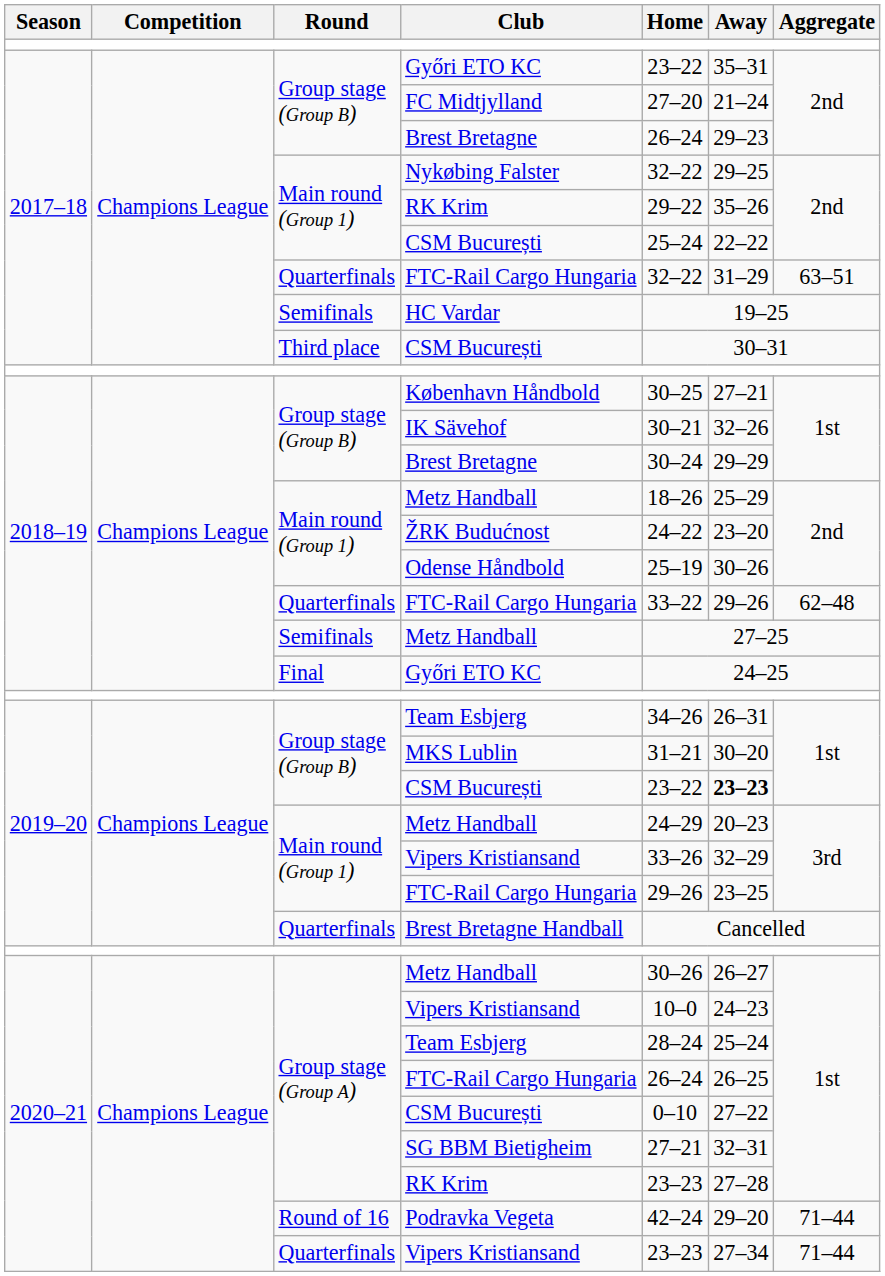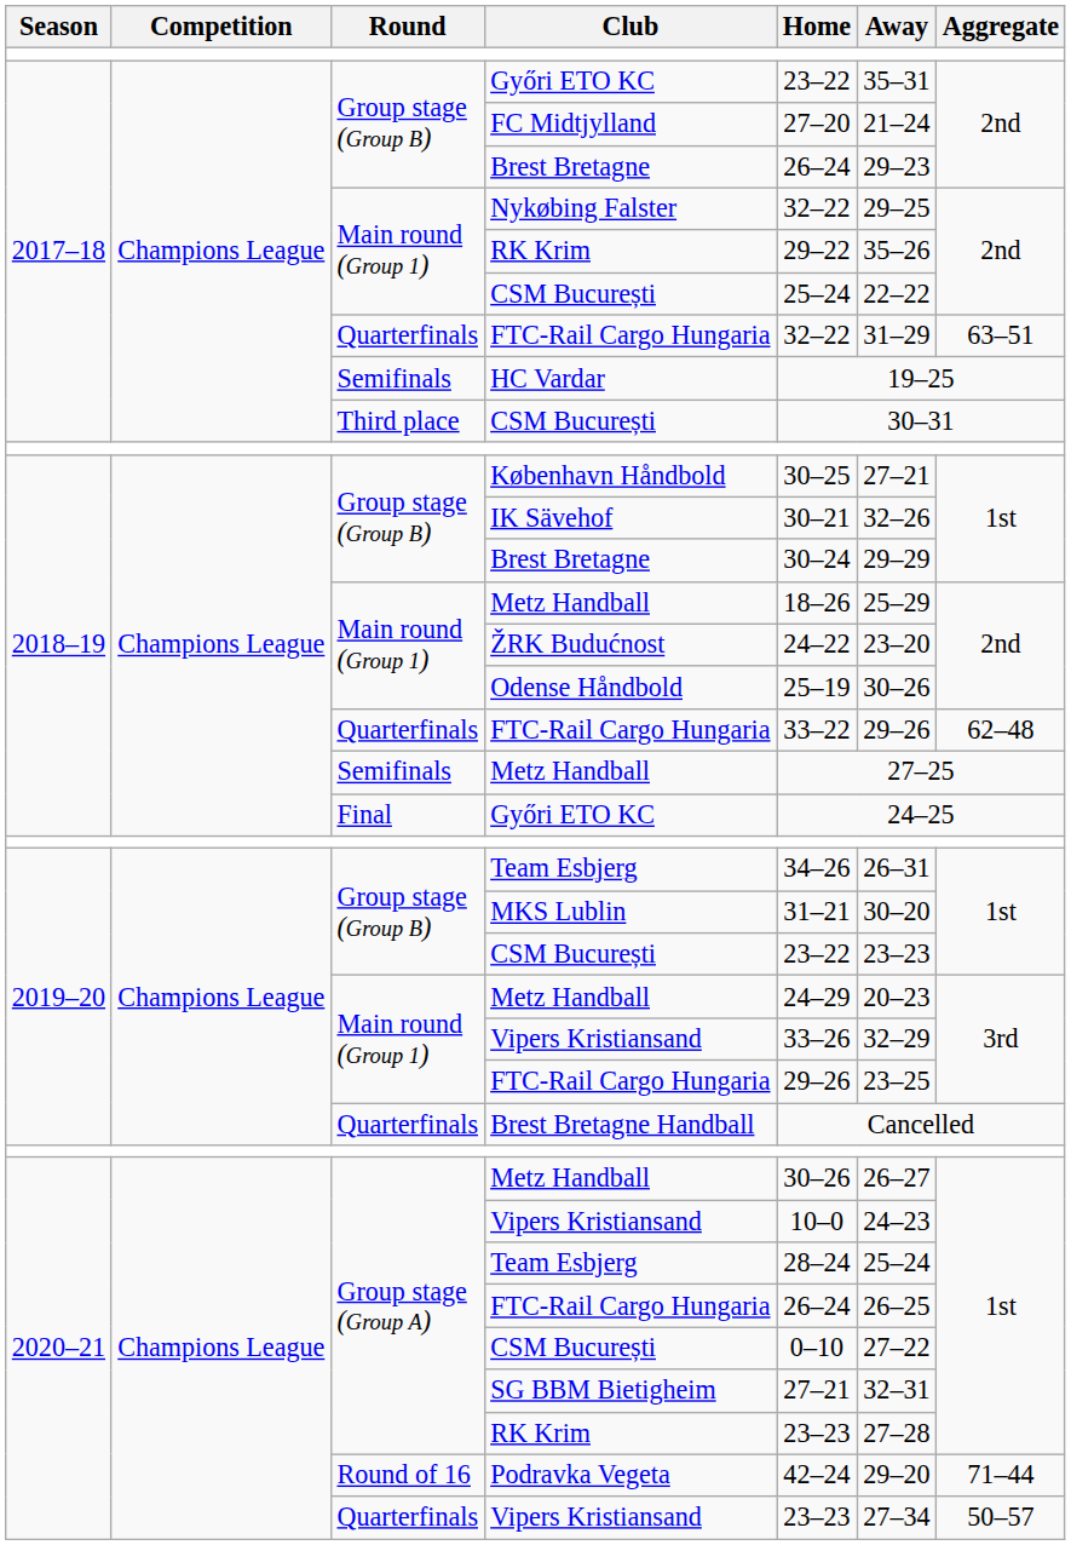 <table class="wikitable">
 <tr>
 <th>Season</th>
 <th>Competition</th>
 <th>Round</th>
 <th>Club</th>
 <th>Home</th>
 <th>Away</th>
 <th>Aggregate</th>
 </tr>
 <tr>
 <td colspan="7" bgcolor=white></td>
 </tr>
 <tr>
 <td rowspan=9><a href='#'>2017–18</a></td>
 <td rowspan=9><a href='#'>Champions League</a></td>
 <td rowspan=3><a href='#'>Group stage</a><br><em>(<small>Group B</small>)</em></td>
 <td> <a href='#'>Győri ETO KC</a></td>
 <td align=center>23–22</td>
 <td align=center>35–31</td>
 <td align=center rowspan=3>2nd</td>
 </tr>
 <tr>
 <td> <a href='#'>FC Midtjylland</a></td>
 <td align=center>27–20</td>
 <td align=center>21–24</td>
 </tr>
 <tr>
 <td> <a href='#'>Brest Bretagne</a></td>
 <td align=center>26–24</td>
 <td align=center>29–23</td>
 </tr>
 <tr>
 <td rowspan=3><a href='#'>Main round</a><br><em>(<small>Group 1</small>)</em></td>
 <td> <a href='#'>Nykøbing Falster</a></td>
 <td align=center>32–22</td>
 <td align=center>29–25</td>
 <td align=center rowspan=3>2nd</td>
 </tr>
 <tr>
 <td> <a href='#'>RK Krim</a></td>
 <td align=center>29–22</td>
 <td align=center>35–26</td>
 </tr>
 <tr>
 <td> <a href='#'>CSM București</a></td>
 <td align=center>25–24</td>
 <td align=center>22–22</td>
 </tr>
 <tr>
 <td><a href='#'>Quarterfinals</a></td>
 <td> <a href='#'>FTC-Rail Cargo Hungaria</a></td>
 <td align=center>32–22</td>
 <td align=center>31–29</td>
 <td align=center>63–51</td>
 </tr>
 <tr>
 <td><a href='#'>Semifinals</a></td>
 <td> <a href='#'>HC Vardar</a></td>
 <td colspan=3; style="text-align:center;">19–25</td>
 </tr>
 <tr>
 <td><a href='#'>Third place</a></td>
 <td> <a href='#'>CSM București</a></td>
 <td colspan=3; style="text-align:center;">30–31</td>
 </tr>
 <tr>
 <td colspan="7" bgcolor=white></td>
 </tr>
 <tr>
 <td rowspan=9><a href='#'>2018–19</a></td>
 <td rowspan=9><a href='#'>Champions League</a></td>
 <td rowspan=3><a href='#'>Group stage</a><br><em>(<small>Group B</small>)</em></td>
 <td> <a href='#'>København Håndbold</a></td>
 <td align=center>30–25</td>
 <td align=center>27–21</td>
 <td align=center rowspan=3>1st</td>
 </tr>
 <tr>
 <td> <a href='#'>IK Sävehof</a></td>
 <td align=center>30–21</td>
 <td align=center>32–26</td>
 </tr>
 <tr>
 <td> <a href='#'>Brest Bretagne</a></td>
 <td align=center>30–24</td>
 <td align=center>29–29</td>
 </tr>
 <tr>
 <td rowspan=3><a href='#'>Main round</a><br><em>(<small>Group 1</small>)</em></td>
 <td> <a href='#'>Metz Handball</a></td>
 <td align=center>18–26</td>
 <td align=center>25–29</td>
 <td align=center rowspan=3>2nd</td>
 </tr>
 <tr>
 <td> <a href='#'>ŽRK Budućnost</a></td>
 <td align=center>24–22</td>
 <td align=center>23–20</td>
 </tr>
 <tr>
 <td> <a href='#'>Odense Håndbold</a></td>
 <td align=center>25–19</td>
 <td align=center>30–26</td>
 </tr>
 <tr>
 <td><a href='#'>Quarterfinals</a></td>
 <td> <a href='#'>FTC-Rail Cargo Hungaria</a></td>
 <td align=center>33–22</td>
 <td align=center>29–26</td>
 <td align=center>62–48</td>
 </tr>
 <tr>
 <td><a href='#'>Semifinals</a></td>
 <td> <a href='#'>Metz Handball</a></td>
 <td colspan=3; style="text-align:center;">27–25</td>
 </tr>
 <tr>
 <td><a href='#'>Final</a></td>
 <td> <a href='#'>Győri ETO KC</a></td>
 <td colspan=3; style="text-align:center;">24–25</td>
 </tr>
 <tr>
 <td colspan="7" bgcolor=white></td>
 </tr>
 <tr>
 <td rowspan=7><a href='#'>2019–20</a></td>
 <td rowspan=7><a href='#'>Champions League</a></td>
 <td rowspan=3><a href='#'>Group stage</a><br><em>(<small>Group B</small>)</em></td>
 <td> <a href='#'>Team Esbjerg</a></td>
 <td align=center>34–26</td>
 <td align=center>26–31</td>
 <td align=center rowspan=3>1st</td>
 </tr>
 <tr>
 <td> <a href='#'>MKS Lublin</a></td>
 <td align=center>31–21</td>
 <td align=center>30–20</td>
 </tr>
 <tr>
 <td> <a href='#'>CSM București</a></td>
 <td align=center>23–22</td>
-<td align=center><strong>23–23</strong></td>
+<td align=center>23–23</td>
 </tr>
 <tr>
 <td rowspan=3><a href='#'>Main round</a><br><em>(<small>Group 1</small>)</em></td>
 <td> <a href='#'>Metz Handball</a></td>
 <td align=center>24–29</td>
 <td align=center>20–23</td>
 <td align=center rowspan=3>3rd</td>
 </tr>
 <tr>
 <td> <a href='#'>Vipers Kristiansand</a></td>
 <td align=center>33–26</td>
 <td align=center>32–29</td>
 </tr>
 <tr>
 <td> <a href='#'>FTC-Rail Cargo Hungaria</a></td>
 <td align=center>29–26</td>
 <td align=center>23–25</td>
 </tr>
 <tr>
 <td><a href='#'>Quarterfinals</a></td>
 <td> <a href='#'>Brest Bretagne Handball</a></td>
 <td colspan=3; style="text-align:center;">Cancelled</td>
 </tr>
 <tr>
 <td colspan=7 style="text-align: center;" bgcolor=white></td>
 </tr>
 <tr>
 <td rowspan=9><a href='#'>2020–21</a></td>
 <td rowspan=9><a href='#'>Champions League</a></td>
 <td rowspan=7><a href='#'>Group stage</a><br><em>(<small>Group A</small>)</em></td>
 <td> <a href='#'>Metz Handball</a></td>
 <td style="text-align:center;">30–26</td>
 <td style="text-align:center;">26–27</td>
 <td align=center rowspan=7>1st</td>
 </tr>
 <tr>
 <td> <a href='#'>Vipers Kristiansand</a></td>
 <td style="text-align:center;">10–0</td>
 <td style="text-align:center;">24–23</td>
 </tr>
 <tr>
 <td> <a href='#'>Team Esbjerg</a></td>
 <td style="text-align:center;">28–24</td>
 <td style="text-align:center;">25–24</td>
 </tr>
 <tr>
 <td> <a href='#'>FTC-Rail Cargo Hungaria</a></td>
 <td style="text-align:center;">26–24</td>
 <td style="text-align:center;">26–25</td>
 </tr>
 <tr>
 <td> <a href='#'>CSM București</a></td>
 <td style="text-align:center;">0–10</td>
 <td style="text-align:center;">27–22</td>
 </tr>
 <tr>
 <td> <a href='#'>SG BBM Bietigheim</a></td>
 <td style="text-align:center;">27–21</td>
 <td style="text-align:center;">32–31</td>
 </tr>
 <tr>
 <td> <a href='#'>RK Krim</a></td>
 <td style="text-align:center;">23–23</td>
 <td style="text-align:center;">27–28</td>
 </tr>
 <tr>
 <td><a href='#'>Round of 16</a></td>
 <td> <a href='#'>Podravka Vegeta</a></td>
 <td style="text-align:center;">42–24</td>
 <td style="text-align:center;">29–20</td>
 <td style="text-align:center;">71–44</td>
 </tr>
 <tr>
 <td><a href='#'>Quarterfinals</a></td>
 <td> <a href='#'>Vipers Kristiansand</a></td>
 <td style="text-align:center;">23–23</td>
 <td style="text-align:center;">27–34</td>
-<td style="text-align:center;">71–44</td>
+<td style="text-align:center;">50–57</td>
 </tr>
 <tr>
 </tr>
 </table>
